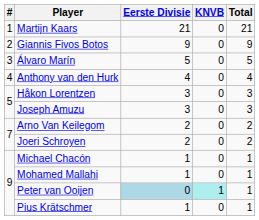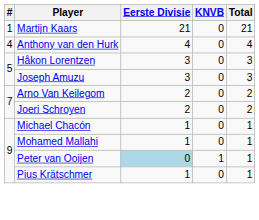 <table class="wikitable" style="text-align:right;">
 <tr>
 <th>#</th>
 <th>Player</th>
 <th><a href='#'>Eerste Divisie</a></th>
 <th><a href='#'>KNVB</a></th>
 <th>Total</th>
 </tr>
 <tr>
 <td align=center>1</td>
 <td align=left> <a href='#'>Martijn Kaars</a></td>
 <td>21</td>
 <td>0</td>
 <td>21</td>
-</tr>
-<tr>
-<td align=center>2</td>
-<td align=left> <a href='#'>Giannis Fivos Botos</a></td>
-<td>9</td>
-<td>0</td>
-<td>9</td>
-</tr>
-<tr>
-<td align=center>3</td>
-<td align=left> <a href='#'>Álvaro Marín</a></td>
-<td>5</td>
-<td>0</td>
-<td>5</td>
 </tr>
 <tr>
 <td align=center>4</td>
 <td align=left> <a href='#'>Anthony van den Hurk</a></td>
 <td>4</td>
 <td>0</td>
 <td>4</td>
 </tr>
 <tr>
 <td align=center rowspan=2>5</td>
 <td align=left> <a href='#'>Håkon Lorentzen</a></td>
 <td>3</td>
 <td>0</td>
 <td>3</td>
 </tr>
 <tr>
 <td align=left> <a href='#'>Joseph Amuzu</a></td>
 <td>3</td>
 <td>0</td>
 <td>3</td>
 </tr>
 <tr>
 <td align=center rowspan=2>7</td>
 <td align=left> <a href='#'>Arno Van Keilegom</a></td>
 <td>2</td>
 <td>0</td>
 <td>2</td>
 </tr>
 <tr>
 <td align=left> <a href='#'>Joeri Schroyen</a></td>
 <td>2</td>
 <td>0</td>
 <td>2</td>
 </tr>
 <tr>
 <td align=center rowspan=4>9</td>
 <td align=left> <a href='#'>Michael Chacón</a></td>
 <td>1</td>
 <td>0</td>
 <td>1</td>
 </tr>
 <tr>
 <td align=left> <a href='#'>Mohamed Mallahi</a></td>
 <td>1</td>
 <td>0</td>
 <td>1</td>
 </tr>
 <tr>
 <td align=left> <a href='#'>Peter van Ooijen</a></td>
 <td style="background: lightblue;">0</td>
-<td style="background: paleturquoise;">1</td>
+<td>1</td>
 <td>1</td>
 </tr>
 <tr>
 <td align=left> <a href='#'>Pius Krätschmer</a></td>
 <td>1</td>
 <td>0</td>
 <td>1</td>
 </tr>
 </table>
